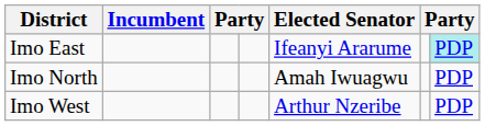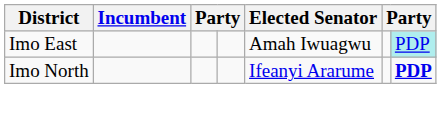 <table class="sortable wikitable" style="font-size:95%;line-height:14px;">
 <tr>
 <th class="unsortable">District</th>
 <th class="unsortable"><a href='#'>Incumbent</a></th>
 <th colspan="2">Party</th>
 <th class="unsortable">Elected Senator</th>
 <th colspan="2">Party</th>
 </tr>
 <tr>
 <td>Imo East</td>
 <td></td>
 <td></td>
 <td></td>
-<td><a href='#'>Ifeanyi Ararume</a></td>
+<td>Amah Iwuagwu</td>
 <td style="background:"></td>
 <td style="background: paleturquoise;"><a href='#'>PDP</a></td>
 </tr>
 <tr>
 <td>Imo North</td>
 <td></td>
 <td></td>
 <td></td>
-<td>Amah Iwuagwu</td>
+<td><a href='#'>Ifeanyi Ararume</a></td>
 <td style="background:"></td>
-<td><a href='#'>PDP</a></td>
-</tr>
-<tr>
-<td>Imo West</td>
-<td></td>
-<td></td>
-<td></td>
-<td><a href='#'>Arthur Nzeribe</a></td>
-<td style="background:"></td>
-<td><a href='#'>PDP</a></td>
+<td><strong><a href='#'>PDP</a></strong></td>
 </tr>
 </table>
